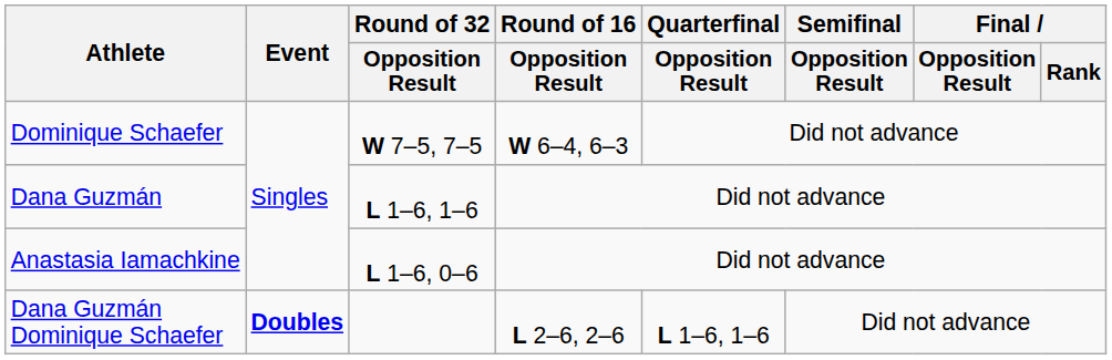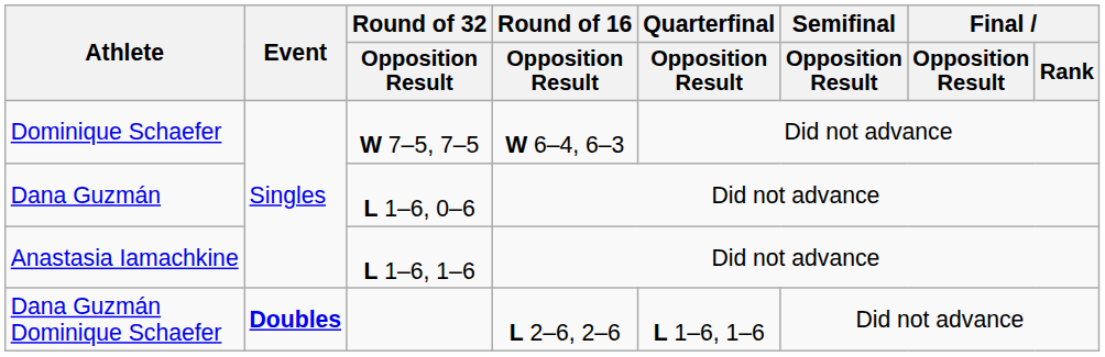 <table class=wikitable style=font-size:90%;text-align:center>
 <tr>
 <th rowspan=2>Athlete</th>
 <th rowspan=2>Event</th>
 <th>Round of 32</th>
 <th>Round of 16</th>
 <th>Quarterfinal</th>
 <th>Semifinal</th>
 <th colspan=2>Final / </th>
 </tr>
 <tr style=font-size:95%>
 <th>Opposition<br>Result</th>
 <th>Opposition<br>Result</th>
 <th>Opposition<br>Result</th>
 <th>Opposition<br>Result</th>
 <th>Opposition<br>Result</th>
 <th>Rank</th>
 </tr>
 <tr>
 <td align=left><a href='#'>Dominique Schaefer</a></td>
 <td align=left rowspan=3><a href='#'>Singles</a></td>
 <td><br><strong>W</strong> 7–5, 7–5</td>
 <td><br><strong>W</strong> 6–4, 6–3</td>
 <td colspan=5>Did not advance</td>
 </tr>
 <tr>
 <td align=left><a href='#'>Dana Guzmán</a></td>
-<td><br><strong>L</strong> 1–6, 1–6</td>
+<td><br><strong>L</strong> 1–6, 0–6</td>
 <td colspan=6>Did not advance</td>
 </tr>
 <tr>
 <td align=left><a href='#'>Anastasia Iamachkine</a></td>
-<td><br><strong>L</strong> 1–6, 0–6</td>
+<td><br><strong>L</strong> 1–6, 1–6</td>
 <td colspan=6>Did not advance</td>
 </tr>
 <tr>
 <td align=left><a href='#'>Dana Guzmán</a><br><a href='#'>Dominique Schaefer</a></td>
 <td align=left><strong><a href='#'>Doubles</a></strong></td>
 <td></td>
 <td><br><strong>L</strong> 2–6, 2–6</td>
 <td><br><strong>L</strong> 1–6, 1–6</td>
 <td colspan=3>Did not advance</td>
 </tr>
 </table>
